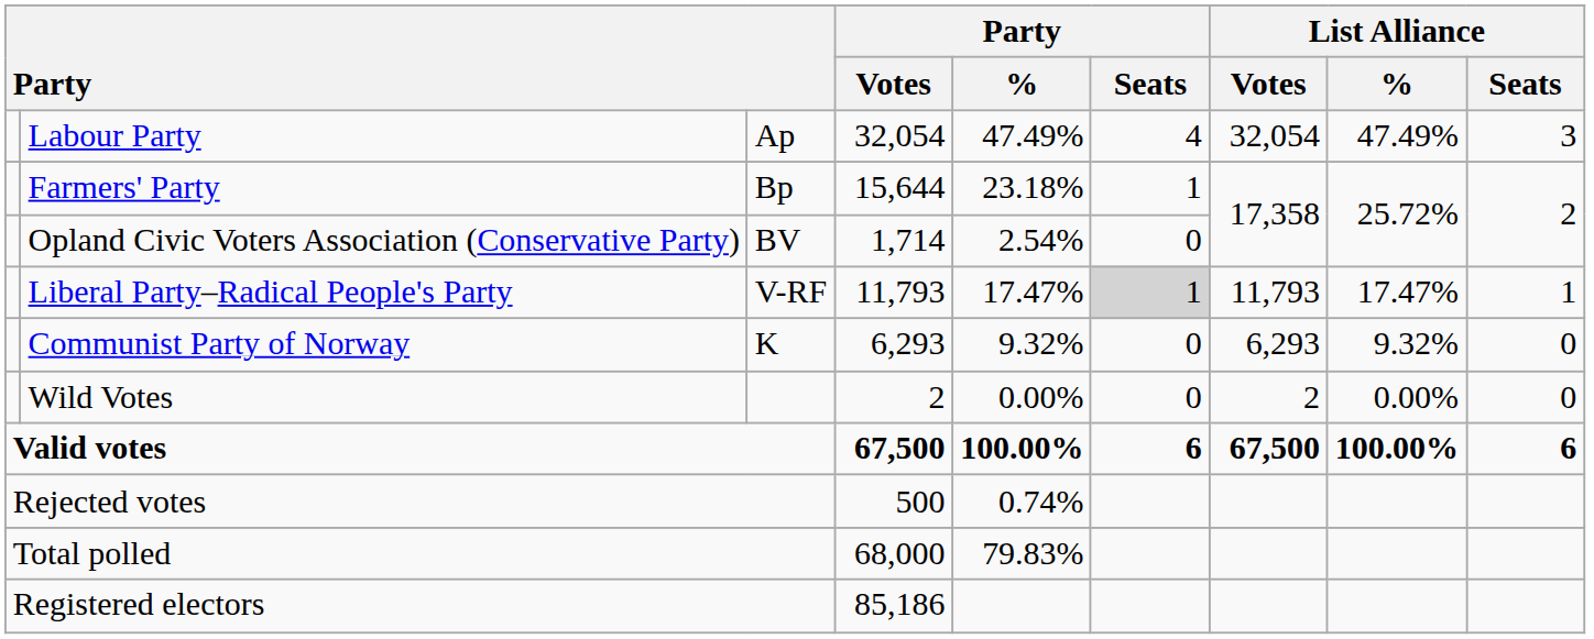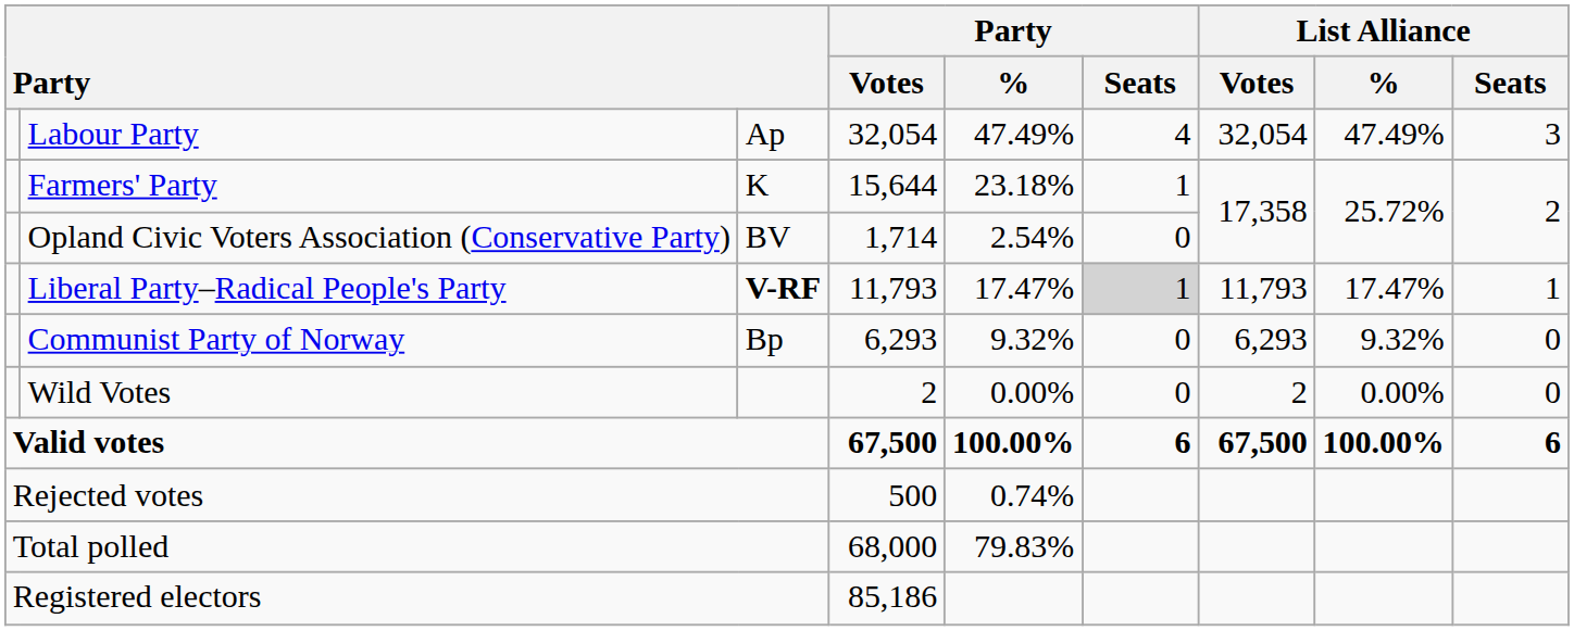 <table class="wikitable" border="1" style="text-align:right;">
 <tr>
 <th style="text-align:left;" valign=bottom rowspan=2 colspan=3>Party</th>
 <th colspan=3>Party</th>
 <th colspan=3>List Alliance</th>
 </tr>
 <tr>
 <th align=center valign=bottom width="50">Votes</th>
 <th align=center valign=bottom width="50">%</th>
 <th align=center valign=bottom width="50">Seats</th>
 <th align=center valign=bottom width="50">Votes</th>
 <th align=center valign=bottom width="50">%</th>
 <th align=center valign=bottom width="50">Seats</th>
 </tr>
 <tr>
 <td style="color:inherit;background:"></td>
 <td align=left><a href='#'>Labour Party</a></td>
 <td align=left>Ap</td>
 <td>32,054</td>
 <td>47.49%</td>
 <td>4</td>
 <td>32,054</td>
 <td>47.49%</td>
 <td>3</td>
 </tr>
 <tr>
 <td style="color:inherit;background:"></td>
 <td align=left><a href='#'>Farmers' Party</a></td>
-<td align=left>Bp</td>
+<td align=left>K</td>
 <td>15,644</td>
 <td>23.18%</td>
 <td>1</td>
 <td rowspan=2>17,358</td>
 <td rowspan=2>25.72%</td>
 <td rowspan=2>2</td>
 </tr>
 <tr>
 <td></td>
 <td align=left>Opland Civic Voters Association (<a href='#'>Conservative Party</a>)</td>
 <td align=left>BV</td>
 <td>1,714</td>
 <td>2.54%</td>
 <td>0</td>
 </tr>
 <tr>
 <td></td>
 <td align=left><a href='#'>Liberal Party</a>–<a href='#'>Radical People's Party</a></td>
-<td align=left>V-RF</td>
+<td align=left><strong>V-RF</strong></td>
 <td>11,793</td>
 <td>17.47%</td>
 <td style="background: lightgrey;">1</td>
 <td>11,793</td>
 <td>17.47%</td>
 <td>1</td>
 </tr>
 <tr>
 <td style="color:inherit;background:"></td>
 <td align=left><a href='#'>Communist Party of Norway</a></td>
-<td align=left>K</td>
+<td align=left>Bp</td>
 <td>6,293</td>
 <td>9.32%</td>
 <td>0</td>
 <td>6,293</td>
 <td>9.32%</td>
 <td>0</td>
 </tr>
 <tr>
 <td></td>
 <td align=left>Wild Votes</td>
 <td align=left></td>
 <td>2</td>
 <td>0.00%</td>
 <td>0</td>
 <td>2</td>
 <td>0.00%</td>
 <td>0</td>
 </tr>
 <tr style="font-weight:bold">
 <td align=left colspan=3>Valid votes</td>
 <td>67,500</td>
 <td>100.00%</td>
 <td>6</td>
 <td>67,500</td>
 <td>100.00%</td>
 <td>6</td>
 </tr>
 <tr>
 <td align=left colspan=3>Rejected votes</td>
 <td>500</td>
 <td>0.74%</td>
 <td></td>
 <td></td>
 <td></td>
 <td></td>
 </tr>
 <tr>
 <td align=left colspan=3>Total polled</td>
 <td>68,000</td>
 <td>79.83%</td>
 <td></td>
 <td></td>
 <td></td>
 <td></td>
 </tr>
 <tr>
 <td align=left colspan=3>Registered electors</td>
 <td>85,186</td>
 <td></td>
 <td></td>
 <td></td>
 <td></td>
 <td></td>
 </tr>
 </table>
